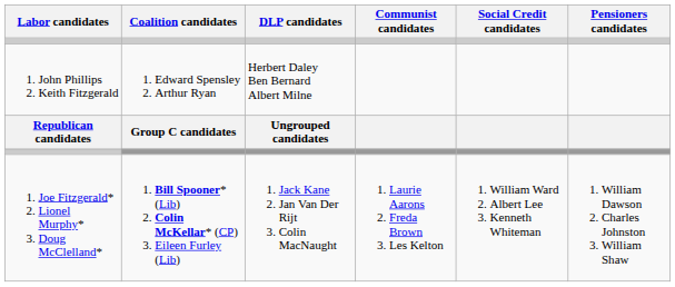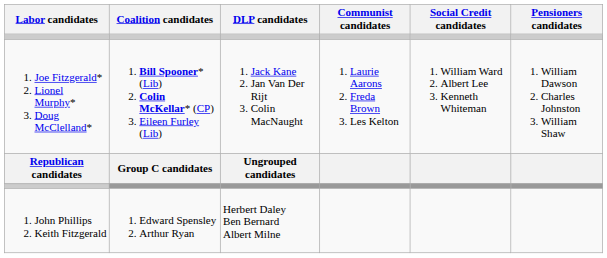 <table class="wikitable">
 <tr>
 <th><a href='#'>Labor</a> candidates</th>
 <th><a href='#'>Coalition</a> candidates</th>
 <th><a href='#'>DLP</a> candidates</th>
 <th><a href='#'>Communist</a> candidates</th>
 <th><a href='#'>Social Credit</a> candidates</th>
 <th><a href='#'>Pensioners</a> candidates</th>
 </tr>
 <tr bgcolor="#cccccc">
 <td></td>
 <td></td>
 <td></td>
 <td></td>
 <td></td>
 <td></td>
 </tr>
 <tr>
-<td valign=top><br><ol><li>John Phillips</li><li>Keith Fitzgerald</li></ol></td>
-<td valign=top><br><ol><li>Edward Spensley</li><li>Arthur Ryan</li></ol></td>
-<td valign=top><br>Herbert Daley<br> Ben Bernard<br> Albert Milne</td>
-<td valign=top></td>
-<td valign=top></td>
-<td valign=top></td>
+<td><br><ol><li><a href='#'>Joe Fitzgerald</a>*</li><li><a href='#'>Lionel Murphy</a>*</li><li><a href='#'>Doug McClelland</a>*</li></ol></td>
+<td><br><ol><li><strong><a href='#'>Bill Spooner</a></strong>* (<a href='#'>Lib</a>)</li><li><strong><a href='#'>Colin McKellar</a></strong>* (<a href='#'>CP</a>)</li><li><a href='#'>Eileen Furley</a> (<a href='#'>Lib</a>)</li></ol></td>
+<td valign=top><br><ol><li><a href='#'>Jack Kane</a></li><li>Jan Van Der Rijt</li><li>Colin MacNaught</li></ol></td>
+<td valign=top><br><ol><li><a href='#'>Laurie Aarons</a></li><li><a href='#'>Freda Brown</a></li><li>Les Kelton</li></ol></td>
+<td valign=top><br><ol><li>William Ward</li><li>Albert Lee</li><li>Kenneth Whiteman</li></ol></td>
+<td valign=top><br><ol><li>William Dawson</li><li>Charles Johnston</li><li>William Shaw</li></ol></td>
 </tr>
 <tr bgcolor="#cccccc">
 <th><a href='#'>Republican</a> candidates</th>
 <th>Group C candidates</th>
 <th>Ungrouped candidates</th>
 <th></th>
 <th></th>
 <th></th>
 </tr>
 <tr bgcolor="#cccccc">
 <td></td>
 <td bgcolor="#999999"></td>
 <td bgcolor="#999999"></td>
 <td bgcolor="#999999"></td>
 <td bgcolor="#999999"></td>
 <td bgcolor="#999999"></td>
 </tr>
 <tr>
-<td><br><ol><li><a href='#'>Joe Fitzgerald</a>*</li><li><a href='#'>Lionel Murphy</a>*</li><li><a href='#'>Doug McClelland</a>*</li></ol></td>
-<td><br><ol><li><strong><a href='#'>Bill Spooner</a></strong>* (<a href='#'>Lib</a>)</li><li><strong><a href='#'>Colin McKellar</a></strong>* (<a href='#'>CP</a>)</li><li><a href='#'>Eileen Furley</a> (<a href='#'>Lib</a>)</li></ol></td>
-<td valign=top><br><ol><li><a href='#'>Jack Kane</a></li><li>Jan Van Der Rijt</li><li>Colin MacNaught</li></ol></td>
-<td valign=top><br><ol><li><a href='#'>Laurie Aarons</a></li><li><a href='#'>Freda Brown</a></li><li>Les Kelton</li></ol></td>
-<td valign=top><br><ol><li>William Ward</li><li>Albert Lee</li><li>Kenneth Whiteman</li></ol></td>
-<td valign=top><br><ol><li>William Dawson</li><li>Charles Johnston</li><li>William Shaw</li></ol></td>
+<td valign=top><br><ol><li>John Phillips</li><li>Keith Fitzgerald</li></ol></td>
+<td valign=top><br><ol><li>Edward Spensley</li><li>Arthur Ryan</li></ol></td>
+<td valign=top><br>Herbert Daley<br> Ben Bernard<br> Albert Milne</td>
+<td valign=top></td>
+<td valign=top></td>
+<td valign=top></td>
 </tr>
 </table>
